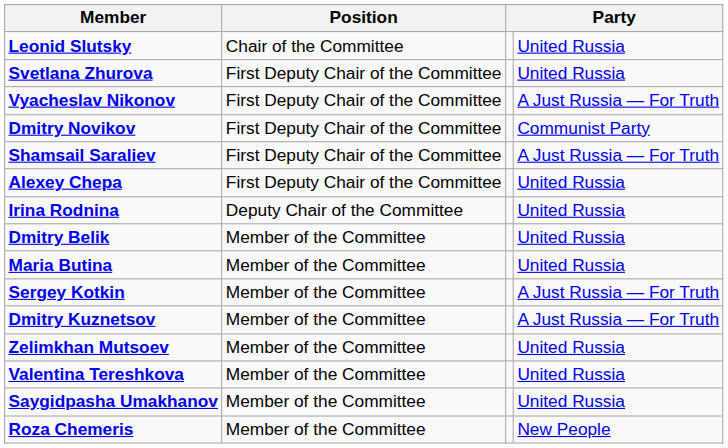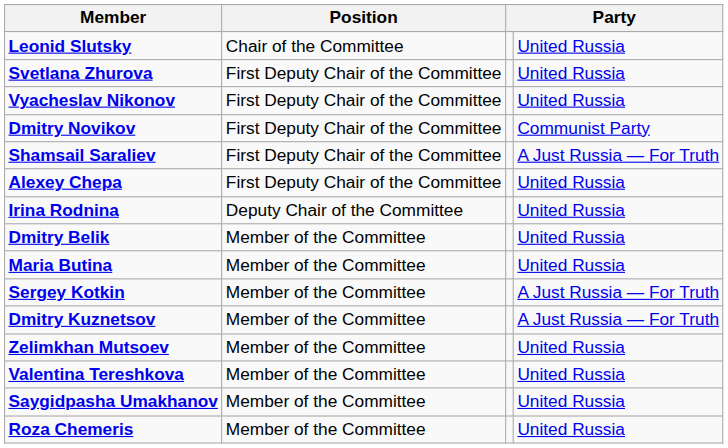 <table class="wikitable">
 <tr>
 <th>Member</th>
 <th>Position</th>
 <th colspan=2>Party</th>
 </tr>
 <tr>
 <td><strong><a href='#'>Leonid Slutsky</a></strong></td>
 <td>Chair of the Committee</td>
 <td align=center style="background: "></td>
 <td><a href='#'>United Russia</a></td>
 </tr>
 <tr>
 <td><strong><a href='#'>Svetlana Zhurova</a></strong></td>
 <td>First Deputy Chair of the Committee</td>
 <td align=center style="background: "></td>
 <td><a href='#'>United Russia</a></td>
 </tr>
 <tr>
 <td><strong><a href='#'>Vyacheslav Nikonov</a></strong></td>
 <td>First Deputy Chair of the Committee</td>
 <td align=center style="background: "></td>
-<td><a href='#'>A Just Russia — For Truth</a></td>
+<td><a href='#'>United Russia</a></td>
 </tr>
 <tr>
 <td><strong><a href='#'>Dmitry Novikov</a></strong></td>
 <td>First Deputy Chair of the Committee</td>
 <td align=center style="background: "></td>
 <td><a href='#'>Communist Party</a></td>
 </tr>
 <tr>
 <td><strong><a href='#'>Shamsail Saraliev</a></strong></td>
 <td>First Deputy Chair of the Committee</td>
 <td align=center style="background: "></td>
 <td><a href='#'>A Just Russia — For Truth</a></td>
 </tr>
 <tr>
 <td><strong><a href='#'>Alexey Chepa</a></strong></td>
 <td>First Deputy Chair of the Committee</td>
 <td align=center style="background: "></td>
 <td><a href='#'>United Russia</a></td>
 </tr>
 <tr>
 <td><strong><a href='#'>Irina Rodnina</a></strong></td>
 <td>Deputy Chair of the Committee</td>
 <td align=center style="background: "></td>
 <td><a href='#'>United Russia</a></td>
 </tr>
 <tr>
 <td><strong><a href='#'>Dmitry Belik</a></strong></td>
 <td>Member of the Committee</td>
 <td align=center style="background: "></td>
 <td><a href='#'>United Russia</a></td>
 </tr>
 <tr>
 <td><strong><a href='#'>Maria Butina</a></strong></td>
 <td>Member of the Committee</td>
 <td align=center style="background: "></td>
 <td><a href='#'>United Russia</a></td>
 </tr>
 <tr>
 <td><strong><a href='#'>Sergey Kotkin</a></strong></td>
 <td>Member of the Committee</td>
 <td align=center style="background: "></td>
 <td><a href='#'>A Just Russia — For Truth</a></td>
 </tr>
 <tr>
 <td><strong><a href='#'>Dmitry Kuznetsov</a></strong></td>
 <td>Member of the Committee</td>
 <td align=center style="background: "></td>
 <td><a href='#'>A Just Russia — For Truth</a></td>
 </tr>
 <tr>
 <td><strong><a href='#'>Zelimkhan Mutsoev</a></strong></td>
 <td>Member of the Committee</td>
 <td align=center style="background: "></td>
 <td><a href='#'>United Russia</a></td>
 </tr>
 <tr>
 <td><strong><a href='#'>Valentina Tereshkova</a></strong></td>
 <td>Member of the Committee</td>
 <td align=center style="background: "></td>
 <td><a href='#'>United Russia</a></td>
 </tr>
 <tr>
 <td><strong><a href='#'>Saygidpasha Umakhanov</a></strong></td>
 <td>Member of the Committee</td>
 <td align=center style="background: "></td>
 <td><a href='#'>United Russia</a></td>
 </tr>
 <tr>
 <td><strong><a href='#'>Roza Chemeris</a></strong></td>
 <td>Member of the Committee</td>
 <td align=center style="background: "></td>
-<td><a href='#'>New People</a></td>
+<td><a href='#'>United Russia</a></td>
 </tr>
 </table>
